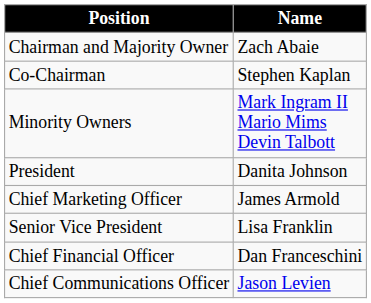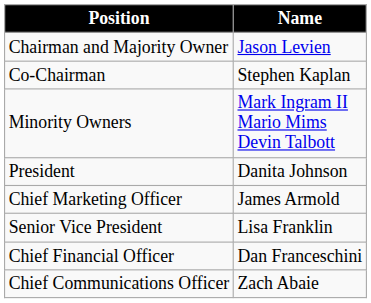 <table class="wikitable">
 <tr>
 <th style="background:#000000; color:white;">Position</th>
 <th style="background:#000000; color:white;">Name</th>
 </tr>
 <tr>
 <td>Chairman and Majority Owner</td>
-<td align=left> Zach Abaie</td>
+<td align=left> <a href='#'>Jason Levien</a></td>
 </tr>
 <tr>
 <td>Co-Chairman</td>
 <td align=left> Stephen Kaplan</td>
 </tr>
 <tr>
 <td>Minority Owners</td>
 <td align=left> <a href='#'>Mark Ingram II</a><br> <a href='#'>Mario Mims</a><br> <a href='#'>Devin Talbott</a></td>
 </tr>
 <tr>
 <td>President</td>
 <td align=left> Danita Johnson</td>
 </tr>
 <tr>
 <td>Chief Marketing Officer</td>
 <td align=left> James Armold</td>
 </tr>
 <tr>
 <td>Senior Vice President</td>
 <td align=left> Lisa Franklin</td>
 </tr>
 <tr>
 <td>Chief Financial Officer</td>
 <td align=left> Dan Franceschini</td>
 </tr>
 <tr>
 <td>Chief Communications Officer</td>
-<td align=left> <a href='#'>Jason Levien</a></td>
+<td align=left> Zach Abaie</td>
 </tr>
 </table>
